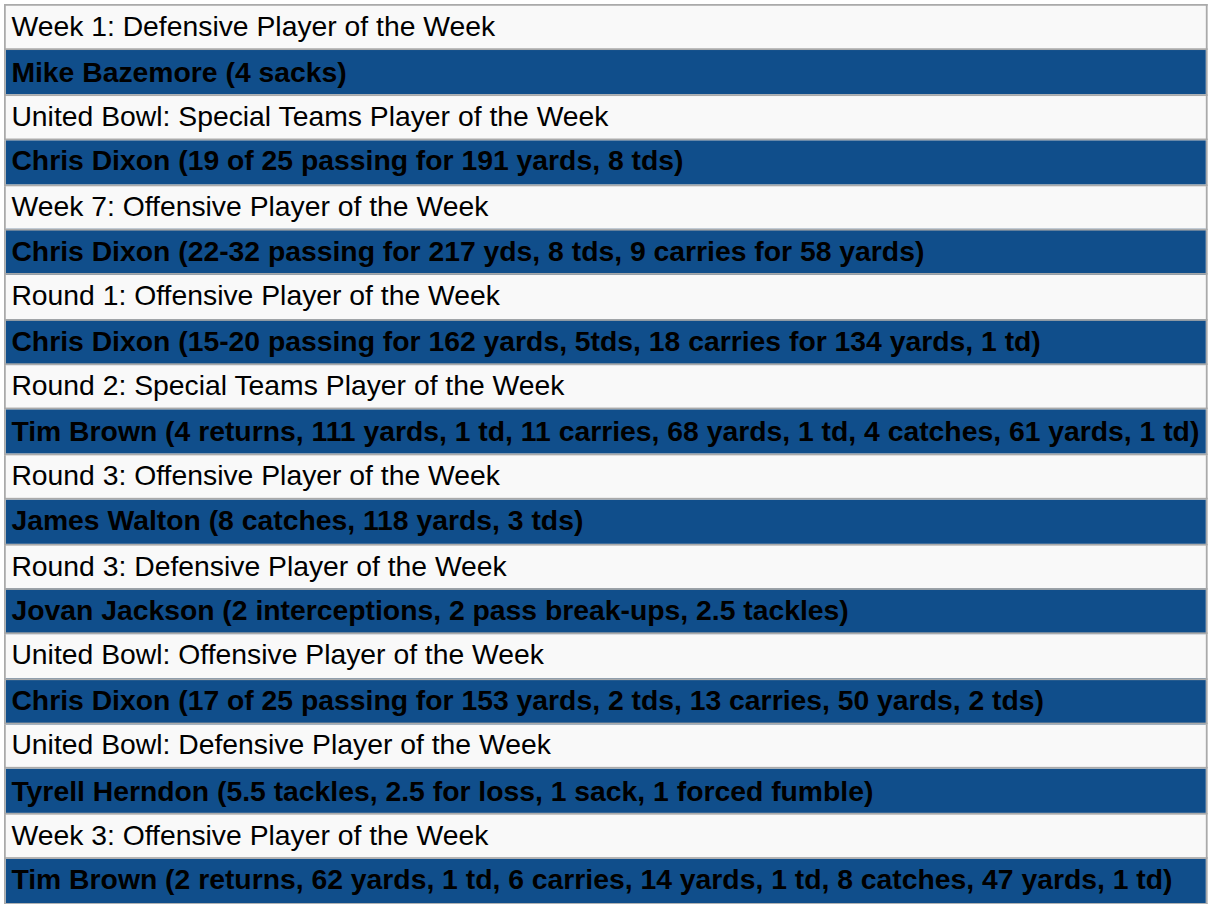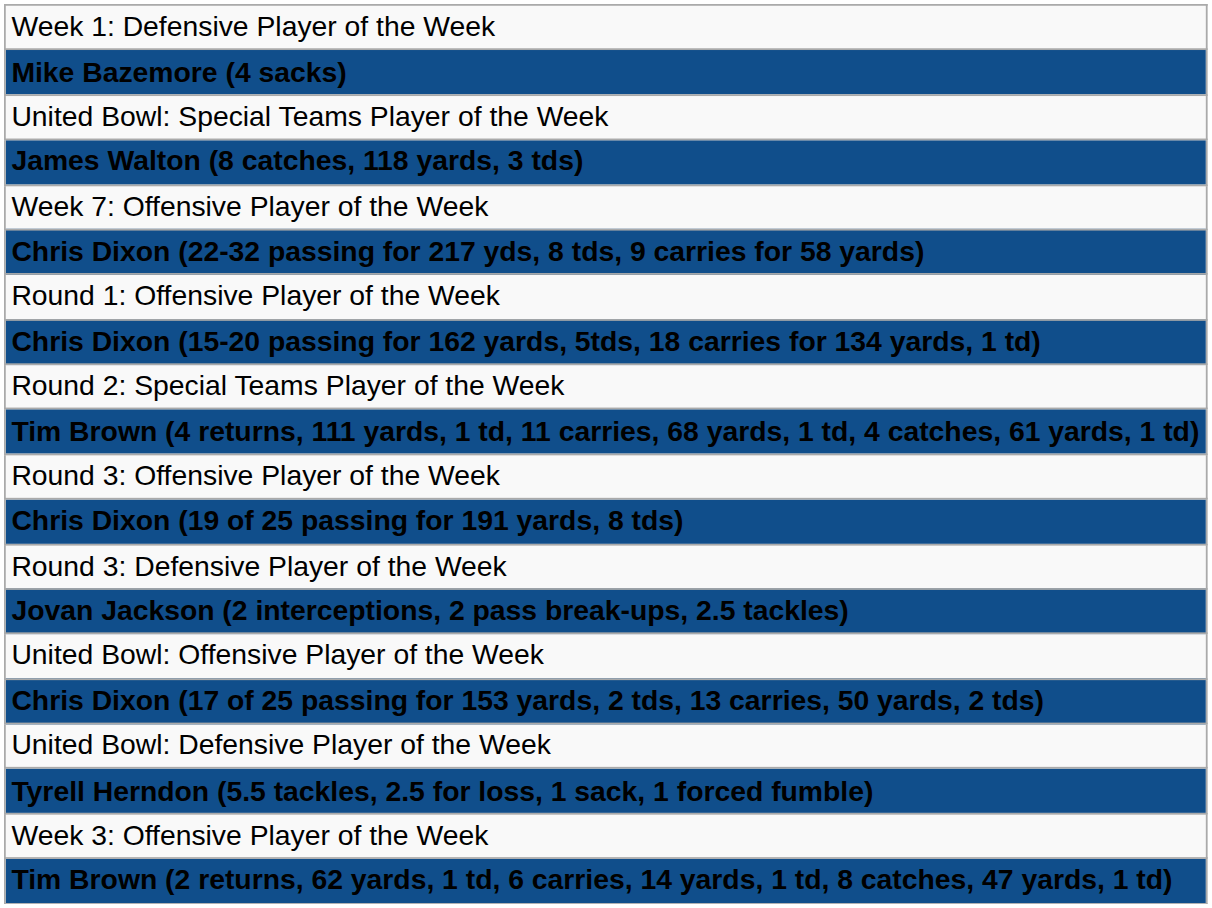 <table class="wikitable">
 <tr>
 <td>Week 1: Defensive Player of the Week</td>
 </tr>
 <tr>
 <td bgcolor="#104E8B"><strong><span>Mike Bazemore (4 sacks)</span></strong></td>
 </tr>
 <tr>
 <td>United Bowl: Special Teams Player of the Week</td>
 </tr>
 <tr>
-<td bgcolor="#104E8B"><strong><span>Chris Dixon (19 of 25 passing for 191 yards, 8 tds)</span></strong></td>
+<td bgcolor="#104E8B"><strong><span>James Walton (8 catches, 118 yards, 3 tds)</span></strong></td>
 </tr>
 <tr>
 <td>Week 7: Offensive Player of the Week</td>
 </tr>
 <tr>
 <td bgcolor="#104E8B"><strong><span>Chris Dixon (22-32 passing for 217 yds, 8 tds, 9 carries for 58 yards)</span></strong></td>
 </tr>
 <tr>
 <td>Round 1: Offensive Player of the Week</td>
 </tr>
 <tr>
 <td bgcolor="#104E8B"><strong><span>Chris Dixon (15-20 passing for 162 yards, 5tds, 18 carries for 134 yards, 1 td)</span></strong></td>
 </tr>
 <tr>
 <td>Round 2: Special Teams Player of the Week</td>
 </tr>
 <tr>
 <td bgcolor="#104E8B"><strong><span>Tim Brown (4 returns, 111 yards, 1 td, 11 carries, 68 yards, 1 td, 4 catches, 61 yards, 1 td)</span></strong></td>
 </tr>
 <tr>
 <td>Round 3: Offensive Player of the Week</td>
 </tr>
 <tr>
-<td bgcolor="#104E8B"><strong><span>James Walton (8 catches, 118 yards, 3 tds)</span></strong></td>
+<td bgcolor="#104E8B"><strong><span>Chris Dixon (19 of 25 passing for 191 yards, 8 tds)</span></strong></td>
 </tr>
 <tr>
 <td>Round 3: Defensive Player of the Week</td>
 </tr>
 <tr>
 <td bgcolor="#104E8B"><strong><span>Jovan Jackson (2 interceptions, 2 pass break-ups, 2.5 tackles)</span></strong></td>
 </tr>
 <tr>
 <td>United Bowl: Offensive Player of the Week</td>
 </tr>
 <tr>
 <td bgcolor="#104E8B"><strong><span> Chris Dixon (17 of 25 passing for 153 yards, 2 tds, 13 carries, 50 yards, 2 tds)</span></strong></td>
 </tr>
 <tr>
 <td>United Bowl: Defensive Player of the Week</td>
 </tr>
 <tr>
 <td bgcolor="#104E8B"><strong><span> Tyrell Herndon (5.5 tackles, 2.5 for loss, 1 sack, 1 forced fumble)</span></strong></td>
 </tr>
 <tr>
 <td>Week 3: Offensive Player of the Week</td>
 </tr>
 <tr>
 <td bgcolor="#104E8B"><strong><span> Tim Brown (2 returns, 62 yards, 1 td, 6 carries, 14 yards, 1 td, 8 catches, 47 yards, 1 td)</span></strong></td>
 </tr>
 </table>
